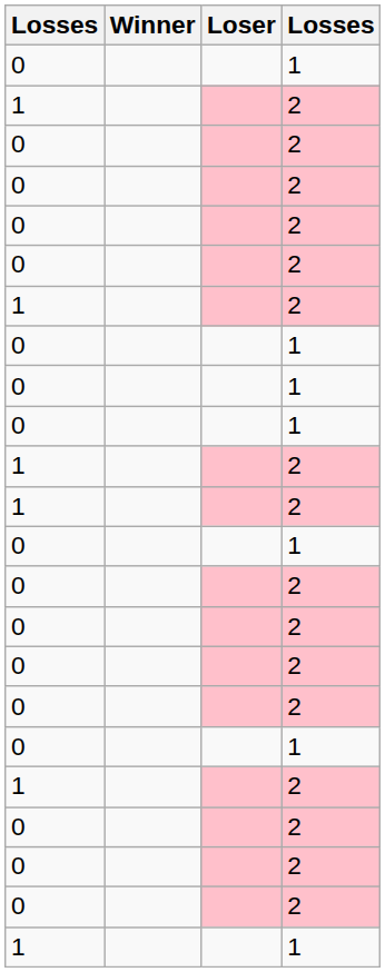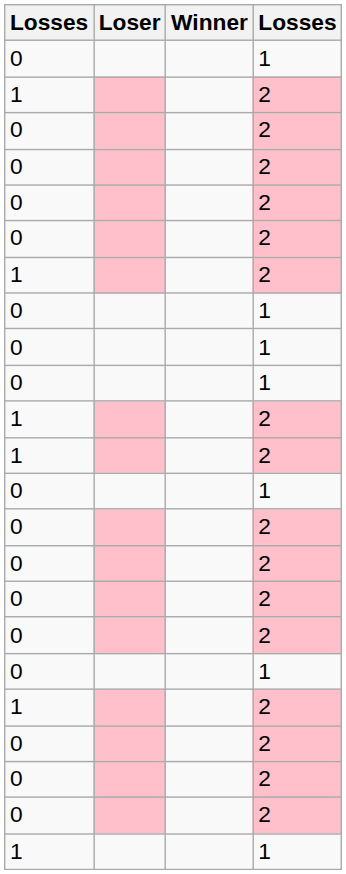 <table class=wikitable>
 <tr>
 <th>Losses</th>
+<th>Loser</th>
 <th>Winner</th>
-<th>Loser</th>
 <th>Losses</th>
 </tr>
 <tr>
 <td>0</td>
 <td></td>
 <td></td>
 <td>1</td>
 </tr>
 <tr>
 <td>1</td>
+<td bgcolor=pink></td>
 <td></td>
-<td bgcolor=pink></td>
 <td bgcolor=pink>2</td>
 </tr>
 <tr>
 <td>0</td>
+<td bgcolor=pink></td>
 <td></td>
-<td bgcolor=pink></td>
 <td bgcolor=pink>2</td>
 </tr>
 <tr>
 <td>0</td>
+<td bgcolor=pink></td>
 <td></td>
-<td bgcolor=pink></td>
 <td bgcolor=pink>2</td>
 </tr>
 <tr>
 <td>0</td>
+<td bgcolor=pink></td>
 <td></td>
-<td bgcolor=pink></td>
 <td bgcolor=pink>2</td>
 </tr>
 <tr>
 <td>0</td>
+<td bgcolor=pink></td>
 <td></td>
-<td bgcolor=pink></td>
 <td bgcolor=pink>2</td>
 </tr>
 <tr>
 <td>1</td>
+<td bgcolor=pink></td>
 <td></td>
-<td bgcolor=pink></td>
 <td bgcolor=pink>2</td>
 </tr>
 <tr>
 <td>0</td>
 <td></td>
 <td></td>
 <td>1</td>
 </tr>
 <tr>
 <td>0</td>
 <td></td>
 <td></td>
 <td>1</td>
 </tr>
 <tr>
 <td>0</td>
 <td></td>
 <td></td>
 <td>1</td>
 </tr>
 <tr>
 <td>1</td>
+<td bgcolor=pink></td>
 <td></td>
-<td bgcolor=pink></td>
 <td bgcolor=pink>2</td>
 </tr>
 <tr>
 <td>1</td>
+<td bgcolor=pink></td>
 <td></td>
-<td bgcolor=pink></td>
 <td bgcolor=pink>2</td>
 </tr>
 <tr>
 <td>0</td>
 <td></td>
 <td></td>
 <td>1</td>
 </tr>
 <tr>
 <td>0</td>
+<td bgcolor=pink></td>
 <td></td>
-<td bgcolor=pink></td>
 <td bgcolor=pink>2</td>
 </tr>
 <tr>
 <td>0</td>
+<td bgcolor=pink></td>
 <td></td>
-<td bgcolor=pink></td>
 <td bgcolor=pink>2</td>
 </tr>
 <tr>
 <td>0</td>
+<td bgcolor=pink></td>
 <td></td>
-<td bgcolor=pink></td>
 <td bgcolor=pink>2</td>
 </tr>
 <tr>
 <td>0</td>
+<td bgcolor=pink></td>
 <td></td>
-<td bgcolor=pink></td>
 <td bgcolor=pink>2</td>
 </tr>
 <tr>
 <td>0</td>
 <td></td>
 <td></td>
 <td>1</td>
 </tr>
 <tr>
 <td>1</td>
+<td bgcolor=pink></td>
 <td></td>
-<td bgcolor=pink></td>
 <td bgcolor=pink>2</td>
 </tr>
 <tr>
 <td>0</td>
+<td bgcolor=pink></td>
 <td></td>
-<td bgcolor=pink></td>
 <td bgcolor=pink>2</td>
 </tr>
 <tr>
 <td>0</td>
+<td bgcolor=pink></td>
 <td></td>
-<td bgcolor=pink></td>
 <td bgcolor=pink>2</td>
 </tr>
 <tr>
 <td>0</td>
+<td bgcolor=pink></td>
 <td></td>
-<td bgcolor=pink></td>
 <td bgcolor=pink>2</td>
 </tr>
 <tr>
 <td>1</td>
 <td></td>
 <td></td>
 <td>1</td>
 </tr>
 </table>
